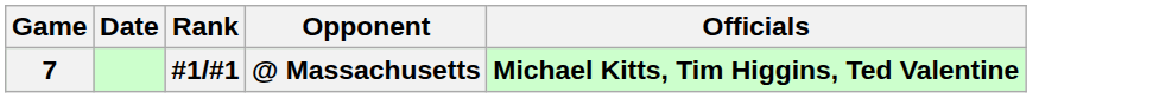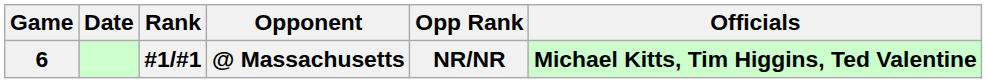 <table class="wikitable">
 <tr>
 <th>Game</th>
 <th>Date</th>
 <th>Rank</th>
 <th>Opponent</th>
+<th>Opp Rank</th>
 <th>Officials</th>
 </tr>
 <tr align="center" bgcolor="#ccffcc">
-<th>7</th>
+<th>6</th>
 <td></td>
 <th>#1/#1</th>
 <th>@ Massachusetts</th>
+<th>NR/NR</th>
 <td><strong>Michael Kitts, Tim Higgins, Ted Valentine</strong></td>
 </tr>
 </table>
